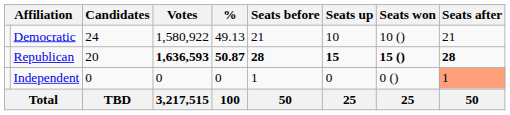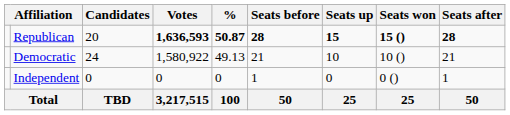 <table class="wikitable">
 <tr>
 <th colspan="2">Affiliation</th>
 <th>Candidates</th>
 <th>Votes</th>
 <th>%</th>
 <th>Seats before</th>
 <th>Seats up</th>
 <th>Seats won</th>
 <th>Seats after</th>
+</tr>
+<tr>
+<td style="background-color:"></td>
+<td><a href='#'>Republican</a></td>
+<td>20</td>
+<td><strong>1,636,593</strong></td>
+<td><strong>50.87</strong></td>
+<td><strong>28</strong></td>
+<td><strong>15</strong></td>
+<td><strong>15 ()</strong></td>
+<td><strong>28</strong></td>
 </tr>
 <tr>
 <td style="background-color:"></td>
 <td><a href='#'>Democratic</a></td>
 <td>24</td>
 <td>1,580,922</td>
 <td>49.13</td>
 <td>21</td>
 <td>10</td>
 <td>10 ()</td>
 <td>21</td>
 </tr>
 <tr>
 <td style="background-color:"></td>
-<td><a href='#'>Republican</a></td>
-<td>20</td>
-<td><strong>1,636,593</strong></td>
-<td><strong>50.87</strong></td>
-<td><strong>28</strong></td>
-<td><strong>15</strong></td>
-<td><strong>15 ()</strong></td>
-<td><strong>28</strong></td>
-</tr>
-<tr>
-<td style="background-color:"></td>
 <td><a href='#'>Independent</a></td>
 <td>0</td>
 <td>0</td>
 <td>0</td>
 <td>1</td>
 <td>0</td>
 <td>0 ()</td>
-<td style="background: lightsalmon;">1</td>
+<td>1</td>
 </tr>
 <tr>
 <th colspan="2">Total</th>
 <th>TBD</th>
 <th>3,217,515</th>
 <th>100</th>
 <th>50</th>
 <th>25</th>
 <th>25</th>
 <th>50</th>
 </tr>
 </table>
